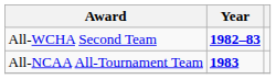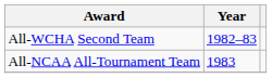 <table class="wikitable">
 <tr>
 <th>Award</th>
 <th>Year</th>
 <th></th>
 </tr>
 <tr>
 <td>All-<a href='#'>WCHA</a> <a href='#'>Second Team</a></td>
-<td><strong><a href='#'>1982–83</a></strong></td>
+<td><a href='#'>1982–83</a></td>
 <td></td>
 </tr>
 <tr>
 <td>All-<a href='#'>NCAA</a> <a href='#'>All-Tournament Team</a></td>
-<td><strong><a href='#'>1983</a></strong></td>
+<td><a href='#'>1983</a></td>
 <td></td>
 </tr>
 <tr>
 </tr>
 </table>
